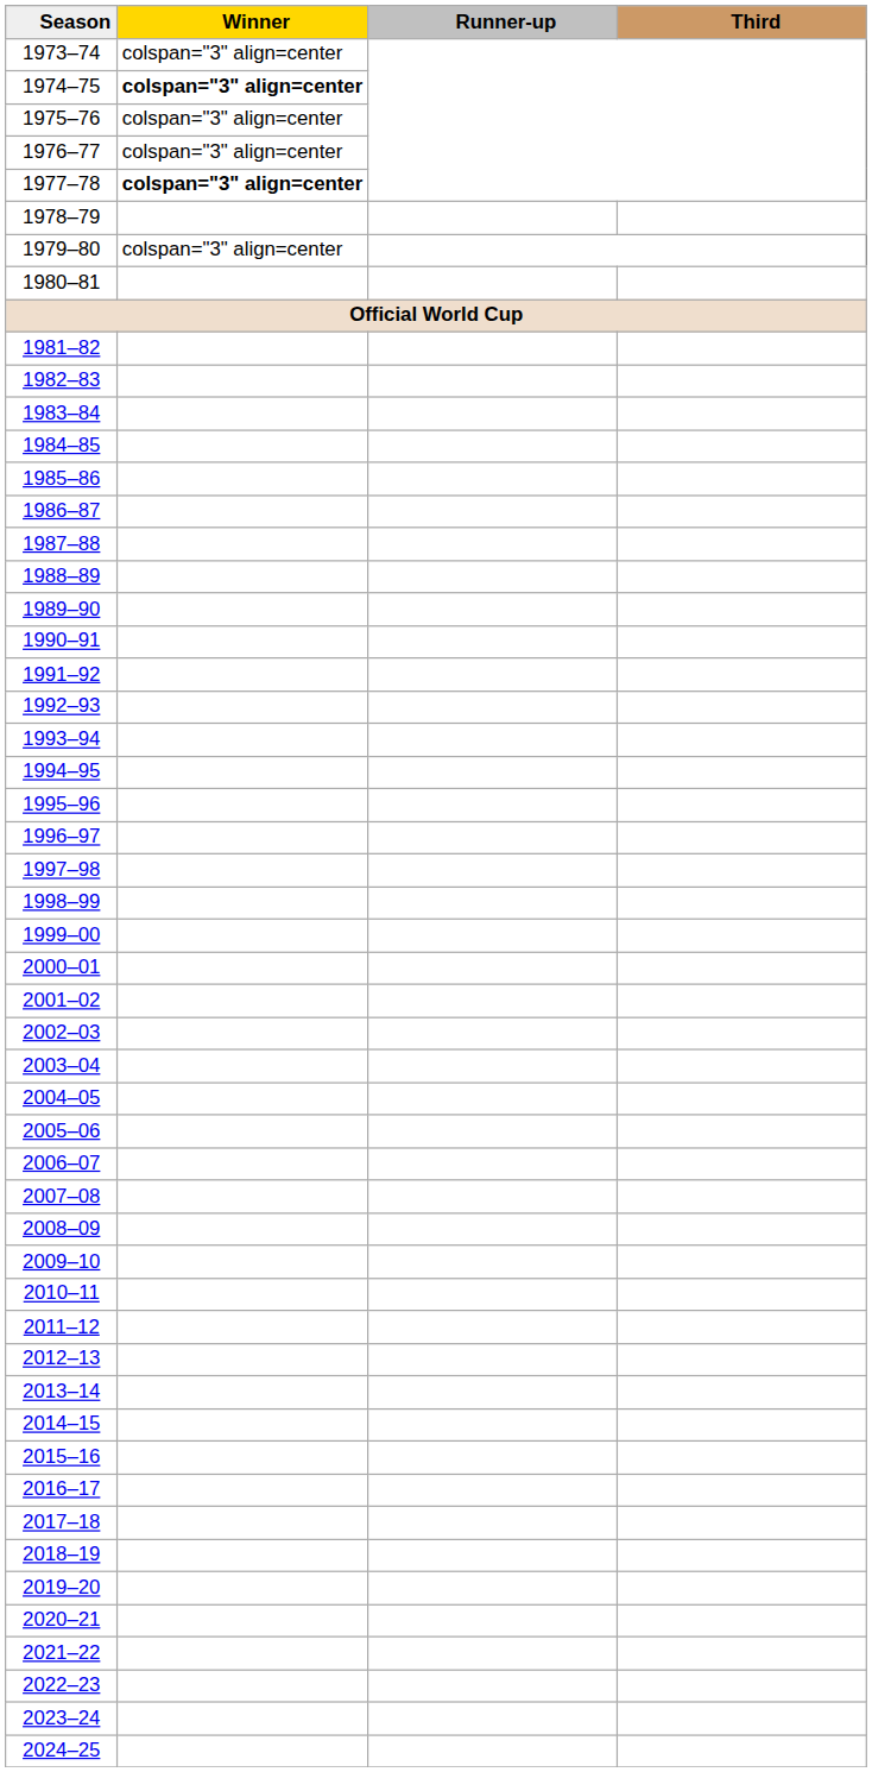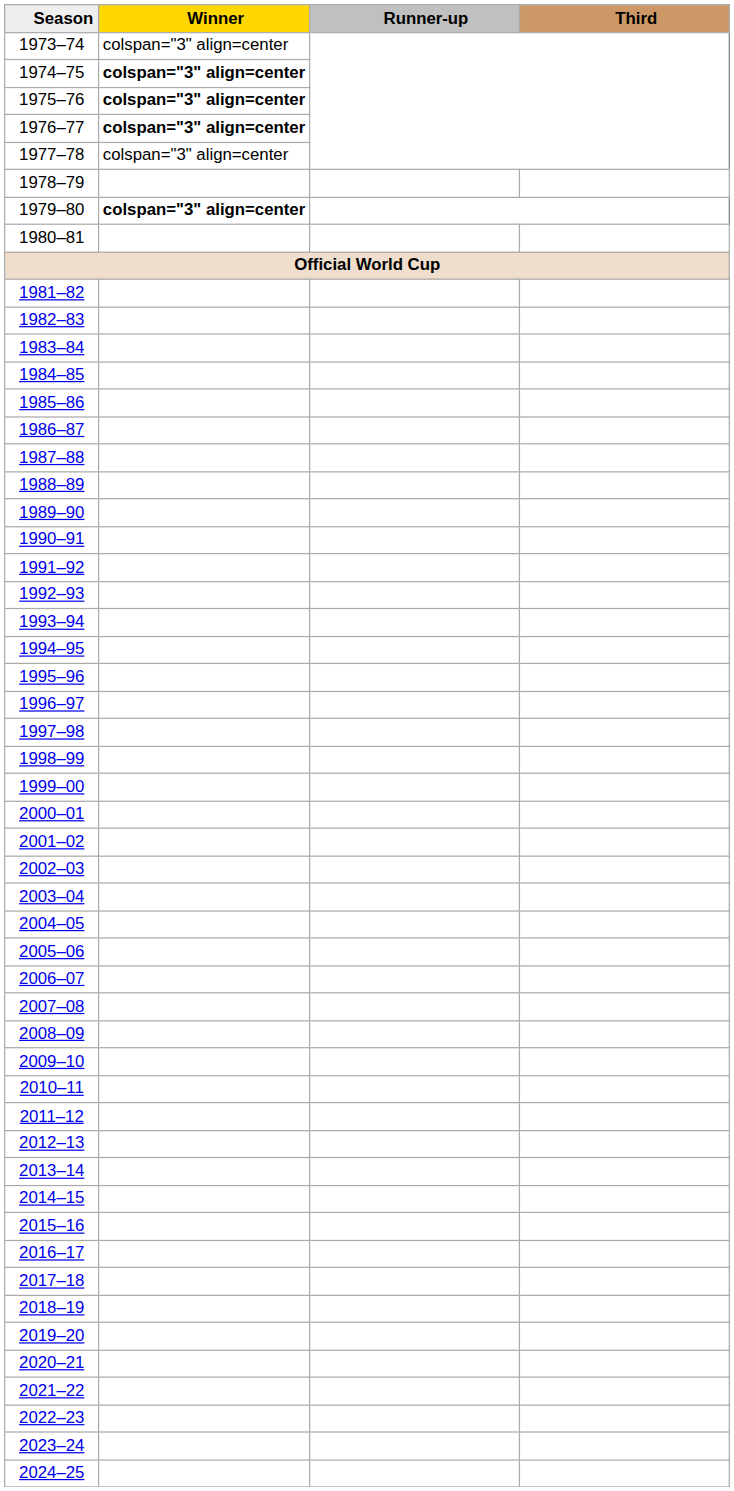 <table class="wikitable sortable" style="background:#fff; font-size:86%; line-height:16px; border:gray solid 1px">
 <tr style="background:#ccc; text-align:center;">
 <th style="width:13%; background:#efefef;">     Season</th>
 <th style="width:29%; background:gold">     Winner</th>
 <th style="width:29%; background:silver">     Runner-up</th>
 <th style="width:29%; background:#c96;">     Third</th>
 </tr>
 <tr>
 <td align=center>1973–74</td>
 <td>colspan="3" align=center </td>
 </tr>
 <tr>
 <td align=center>1974–75</td>
 <td><strong>colspan="3" align=center </strong></td>
 </tr>
 <tr>
 <td align=center>1975–76</td>
-<td>colspan="3" align=center </td>
+<td><strong>colspan="3" align=center </strong></td>
 </tr>
 <tr>
 <td align=center>1976–77</td>
-<td>colspan="3" align=center </td>
+<td><strong>colspan="3" align=center </strong></td>
 </tr>
 <tr>
 <td align=center>1977–78</td>
-<td><strong>colspan="3" align=center </strong></td>
+<td>colspan="3" align=center </td>
 </tr>
 <tr>
 <td align=center>1978–79</td>
 <td></td>
 <td></td>
 <td></td>
 </tr>
 <tr>
 <td align=center>1979–80</td>
-<td>colspan="3" align=center </td>
+<td><strong>colspan="3" align=center </strong></td>
 </tr>
 <tr>
 <td align=center>1980–81</td>
 <td></td>
 <td></td>
 <td></td>
 </tr>
 <tr>
 <td bgcolor=#EFDECD align=center colspan=4><strong>Official World Cup</strong></td>
 </tr>
 <tr>
 <td align=center><a href='#'>1981–82</a></td>
 <td></td>
 <td></td>
 <td></td>
 </tr>
 <tr>
 <td align=center><a href='#'>1982–83</a></td>
 <td></td>
 <td></td>
 <td></td>
 </tr>
 <tr>
 <td align=center><a href='#'>1983–84</a></td>
 <td></td>
 <td></td>
 <td></td>
 </tr>
 <tr>
 <td align=center><a href='#'>1984–85</a></td>
 <td></td>
 <td></td>
 <td></td>
 </tr>
 <tr>
 <td align=center><a href='#'>1985–86</a></td>
 <td></td>
 <td></td>
 <td></td>
 </tr>
 <tr>
 <td align=center><a href='#'>1986–87</a></td>
 <td></td>
 <td></td>
 <td></td>
 </tr>
 <tr>
 <td align=center><a href='#'>1987–88</a></td>
 <td></td>
 <td></td>
 <td></td>
 </tr>
 <tr>
 <td align=center><a href='#'>1988–89</a></td>
 <td></td>
 <td></td>
 <td></td>
 </tr>
 <tr>
 <td align=center><a href='#'>1989–90</a></td>
 <td></td>
 <td></td>
 <td></td>
 </tr>
 <tr>
 <td align=center><a href='#'>1990–91</a></td>
 <td></td>
 <td></td>
 <td></td>
 </tr>
 <tr>
 <td align=center><a href='#'>1991–92</a></td>
 <td></td>
 <td></td>
 <td></td>
 </tr>
 <tr>
 <td align=center><a href='#'>1992–93</a></td>
 <td></td>
 <td></td>
 <td></td>
 </tr>
 <tr>
 <td align=center><a href='#'>1993–94</a></td>
 <td></td>
 <td></td>
 <td></td>
 </tr>
 <tr>
 <td align=center><a href='#'>1994–95</a></td>
 <td></td>
 <td></td>
 <td></td>
 </tr>
 <tr>
 <td align=center><a href='#'>1995–96</a></td>
 <td></td>
 <td></td>
 <td></td>
 </tr>
 <tr>
 <td align=center><a href='#'>1996–97</a></td>
 <td></td>
 <td></td>
 <td></td>
 </tr>
 <tr>
 <td align=center><a href='#'>1997–98</a></td>
 <td></td>
 <td></td>
 <td></td>
 </tr>
 <tr>
 <td align=center><a href='#'>1998–99</a></td>
 <td></td>
 <td></td>
 <td></td>
 </tr>
 <tr>
 <td align=center><a href='#'>1999–00</a></td>
 <td></td>
 <td></td>
 <td></td>
 </tr>
 <tr>
 <td align=center><a href='#'>2000–01</a></td>
 <td></td>
 <td></td>
 <td></td>
 </tr>
 <tr>
 <td align=center><a href='#'>2001–02</a></td>
 <td></td>
 <td></td>
 <td></td>
 </tr>
 <tr>
 <td align=center><a href='#'>2002–03</a></td>
 <td></td>
 <td></td>
 <td></td>
 </tr>
 <tr>
 <td align=center><a href='#'>2003–04</a></td>
 <td></td>
 <td></td>
 <td></td>
 </tr>
 <tr>
 <td align=center><a href='#'>2004–05</a></td>
 <td></td>
 <td></td>
 <td></td>
 </tr>
 <tr>
 <td align=center><a href='#'>2005–06</a></td>
 <td></td>
 <td></td>
 <td></td>
 </tr>
 <tr>
 <td align=center><a href='#'>2006–07</a></td>
 <td></td>
 <td></td>
 <td></td>
 </tr>
 <tr>
 <td align=center><a href='#'>2007–08</a></td>
 <td></td>
 <td></td>
 <td></td>
 </tr>
 <tr>
 <td align=center><a href='#'>2008–09</a></td>
 <td></td>
 <td></td>
 <td></td>
 </tr>
 <tr>
 <td align=center><a href='#'>2009–10</a></td>
 <td></td>
 <td></td>
 <td></td>
 </tr>
 <tr>
 <td align=center><a href='#'>2010–11</a></td>
 <td></td>
 <td></td>
 <td></td>
 </tr>
 <tr>
 <td align=center><a href='#'>2011–12</a></td>
 <td></td>
 <td></td>
 <td></td>
 </tr>
 <tr>
 <td align=center><a href='#'>2012–13</a></td>
 <td></td>
 <td></td>
 <td></td>
 </tr>
 <tr>
 <td align=center><a href='#'>2013–14</a></td>
 <td></td>
 <td></td>
 <td></td>
 </tr>
 <tr>
 <td align=center><a href='#'>2014–15</a></td>
 <td></td>
 <td></td>
 <td></td>
 </tr>
 <tr>
 <td align=center><a href='#'>2015–16</a></td>
 <td></td>
 <td></td>
 <td></td>
 </tr>
 <tr>
 <td align=center><a href='#'>2016–17</a></td>
 <td></td>
 <td></td>
 <td></td>
 </tr>
 <tr>
 <td align=center><a href='#'>2017–18</a></td>
 <td></td>
 <td></td>
 <td></td>
 </tr>
 <tr>
 <td align=center><a href='#'>2018–19</a></td>
 <td></td>
 <td></td>
 <td></td>
 </tr>
 <tr>
 <td align=center><a href='#'>2019–20</a></td>
 <td></td>
 <td></td>
 <td></td>
 </tr>
 <tr>
 <td align=center><a href='#'>2020–21</a></td>
 <td></td>
 <td></td>
 <td></td>
 </tr>
 <tr>
 <td align=center><a href='#'>2021–22</a></td>
 <td></td>
 <td></td>
 <td></td>
 </tr>
 <tr>
 <td align=center><a href='#'>2022–23</a></td>
 <td></td>
 <td></td>
 <td></td>
 </tr>
 <tr>
 <td align=center><a href='#'>2023–24</a></td>
 <td></td>
 <td></td>
 <td></td>
 </tr>
 <tr>
 <td align=center><a href='#'>2024–25</a></td>
 <td></td>
 <td></td>
 <td></td>
 </tr>
 </table>
